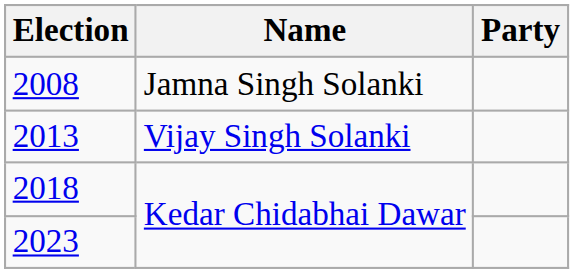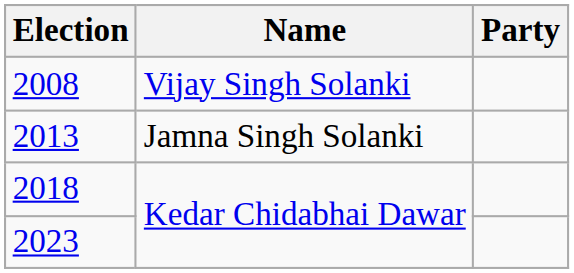 <table class="wikitable sortable">
 <tr>
 <th>Election</th>
 <th>Name</th>
 <th colspan=2>Party</th>
 </tr>
 <tr>
 <td><a href='#'>2008</a></td>
-<td>Jamna Singh Solanki</td>
+<td><a href='#'>Vijay Singh Solanki</a></td>
 <td></td>
 </tr>
 <tr>
 <td><a href='#'>2013</a></td>
-<td><a href='#'>Vijay Singh Solanki</a></td>
+<td>Jamna Singh Solanki</td>
 <td></td>
 </tr>
 <tr>
 <td><a href='#'>2018</a></td>
 <td rowspan="2"><a href='#'>Kedar Chidabhai Dawar</a></td>
 <td></td>
 </tr>
 <tr>
 <td><a href='#'>2023</a></td>
 <td></td>
 </tr>
 </table>
